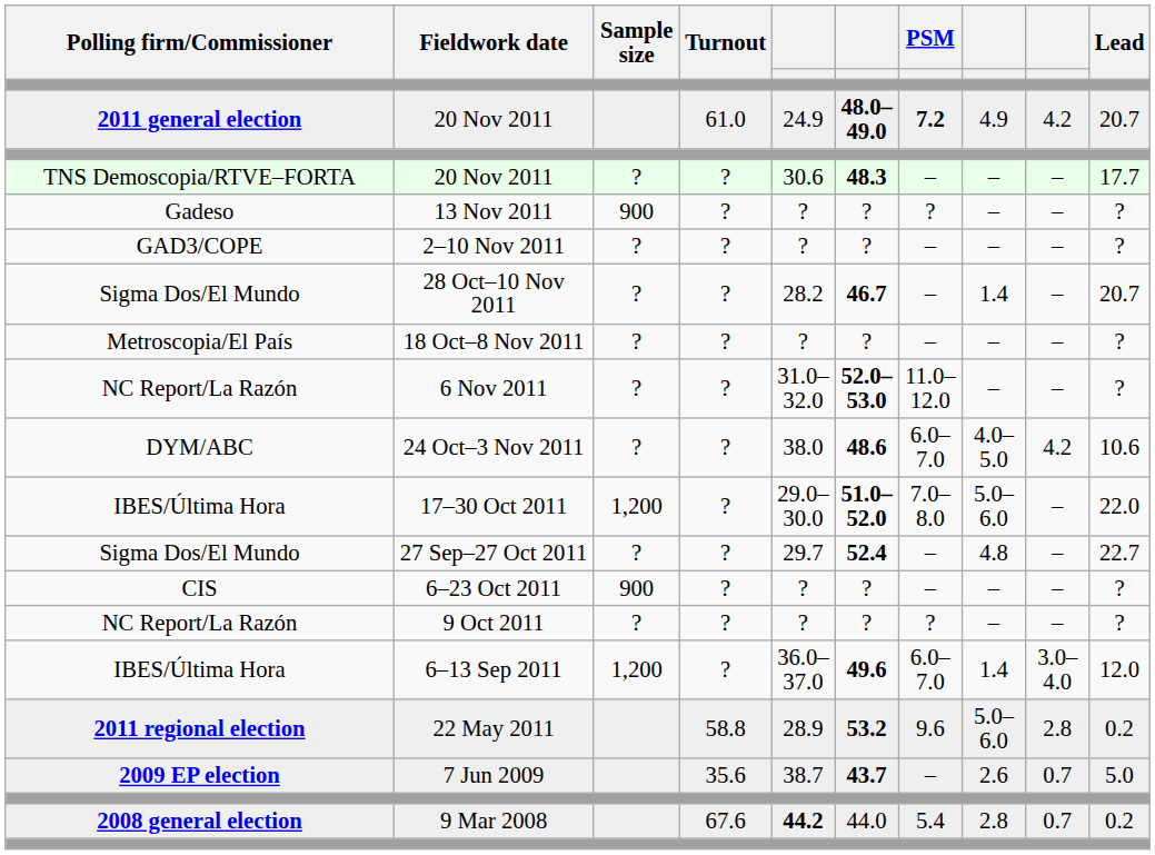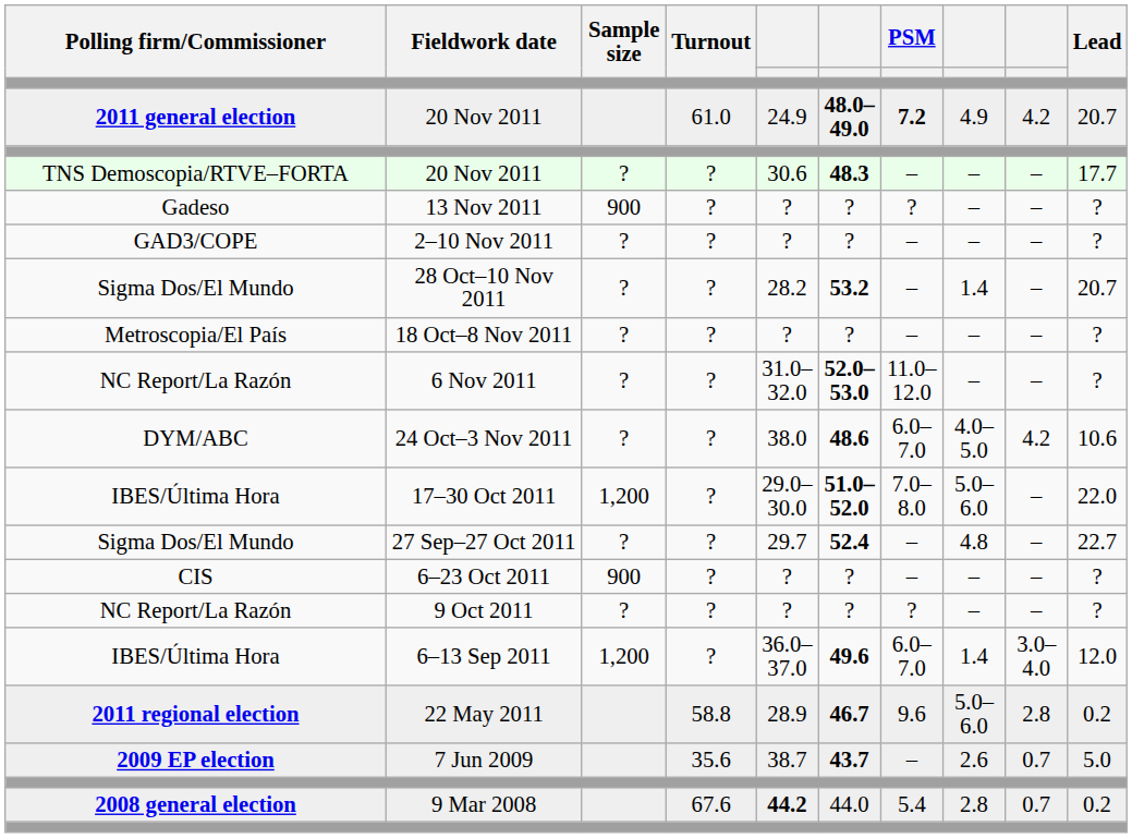 <table class="wikitable collapsible collapsed" style="text-align:center; font-size:95%; line-height:16px;">
 <tr style="height:42px;">
 <th style="width:250px;" rowspan="2">Polling firm/Commissioner</th>
 <th style="width:125px;" rowspan="2">Fieldwork date</th>
 <th style="width:50px;" rowspan="2">Sample size</th>
 <th style="width:45px;" rowspan="2">Turnout</th>
 <th style="width:35px;"></th>
 <th style="width:35px;"></th>
 <th style="width:35px;"><a href='#'>PSM</a></th>
 <th style="width:35px;"></th>
 <th style="width:35px;"></th>
 <th style="width:30px;" rowspan="2">Lead</th>
 </tr>
 <tr>
 <th style="color:inherit;background:"></th>
 <th style="color:inherit;background:"></th>
 <th style="color:inherit;background:"></th>
 <th style="color:inherit;background:"></th>
 <th style="color:inherit;background:"></th>
 </tr>
 <tr>
 <td colspan="10" style="background:#A0A0A0"></td>
 </tr>
 <tr style="background:#EFEFEF;">
 <td><strong><a href='#'>2011 general election</a></strong></td>
 <td>20 Nov 2011</td>
 <td></td>
 <td>61.0</td>
 <td>24.9<br></td>
 <td><strong>48.0–<br>49.0</strong><br></td>
 <td><strong>7.2<br></strong></td>
 <td>4.9<br></td>
 <td>4.2<br></td>
 <td style="background:">20.7</td>
 </tr>
 <tr>
 <td colspan="10" style="background:#A0A0A0"></td>
 </tr>
 <tr style="background:#EAFFEA;">
 <td>TNS Demoscopia/RTVE–FORTA</td>
 <td>20 Nov 2011</td>
 <td>?</td>
 <td>?</td>
 <td>30.6<br></td>
 <td><strong>48.3</strong><br></td>
 <td>–</td>
 <td>–</td>
 <td>–</td>
 <td style="background:">17.7</td>
 </tr>
 <tr>
 <td>Gadeso</td>
 <td>13 Nov 2011</td>
 <td>900</td>
 <td>?</td>
 <td>?<br></td>
 <td>?<br></td>
 <td>?<br></td>
 <td>–</td>
 <td>–</td>
 <td style="background:">?</td>
 </tr>
 <tr>
 <td>GAD3/COPE</td>
 <td>2–10 Nov 2011</td>
 <td>?</td>
 <td>?</td>
 <td>?<br></td>
 <td>?<br></td>
 <td>–</td>
 <td>–</td>
 <td>–</td>
 <td style="background:">?</td>
 </tr>
 <tr>
 <td>Sigma Dos/El Mundo</td>
 <td>28 Oct–10 Nov 2011</td>
 <td>?</td>
 <td>?</td>
 <td>28.2<br></td>
-<td><strong>46.7</strong><br></td>
+<td><strong>53.2</strong><br></td>
 <td>–</td>
 <td>1.4<br></td>
 <td>–</td>
 <td style="background:">20.7</td>
 </tr>
 <tr>
 <td>Metroscopia/El País</td>
 <td>18 Oct–8 Nov 2011</td>
 <td>?</td>
 <td>?</td>
 <td>?<br></td>
 <td>?<br></td>
 <td>–</td>
 <td>–</td>
 <td>–</td>
 <td style="background:">?</td>
 </tr>
 <tr>
 <td>NC Report/La Razón</td>
 <td>6 Nov 2011</td>
 <td>?</td>
 <td>?</td>
 <td>31.0–<br>32.0<br></td>
 <td><strong>52.0–<br>53.0</strong><br></td>
 <td>11.0–<br>12.0<br></td>
 <td>–</td>
 <td>–</td>
 <td style="background:">?</td>
 </tr>
 <tr>
 <td>DYM/ABC</td>
 <td>24 Oct–3 Nov 2011</td>
 <td>?</td>
 <td>?</td>
 <td>38.0<br></td>
 <td><strong>48.6</strong><br></td>
 <td>6.0–<br>7.0<br></td>
 <td>4.0–<br>5.0<br></td>
 <td>4.2<br></td>
 <td style="background:">10.6</td>
 </tr>
 <tr>
 <td>IBES/Última Hora</td>
 <td>17–30 Oct 2011</td>
 <td>1,200</td>
 <td>?</td>
 <td>29.0–<br>30.0<br></td>
 <td><strong>51.0–<br>52.0</strong><br></td>
 <td>7.0–<br>8.0<br></td>
 <td>5.0–<br>6.0<br></td>
 <td>–</td>
 <td style="background:">22.0</td>
 </tr>
 <tr>
 <td>Sigma Dos/El Mundo</td>
 <td>27 Sep–27 Oct 2011</td>
 <td>?</td>
 <td>?</td>
 <td>29.7<br></td>
 <td><strong>52.4</strong><br></td>
 <td>–</td>
 <td>4.8<br></td>
 <td>–</td>
 <td style="background:">22.7</td>
 </tr>
 <tr>
 <td>CIS</td>
 <td>6–23 Oct 2011</td>
 <td>900</td>
 <td>?</td>
 <td>?<br></td>
 <td>?<br></td>
 <td>–</td>
 <td>–</td>
 <td>–</td>
 <td style="background:">?</td>
 </tr>
 <tr>
 <td>NC Report/La Razón</td>
 <td>9 Oct 2011</td>
 <td>?</td>
 <td>?</td>
 <td>?<br></td>
 <td>?<br></td>
 <td>?<br></td>
 <td>–</td>
 <td>–</td>
 <td style="background:">?</td>
 </tr>
 <tr>
 <td>IBES/Última Hora</td>
 <td>6–13 Sep 2011</td>
 <td>1,200</td>
 <td>?</td>
 <td>36.0–<br>37.0<br></td>
 <td><strong>49.6</strong><br></td>
 <td>6.0–<br>7.0<br></td>
 <td>1.4<br></td>
 <td>3.0–<br>4.0<br></td>
 <td style="background:">12.0</td>
 </tr>
 <tr style="background:#EFEFEF;">
 <td><strong><a href='#'>2011 regional election</a></strong></td>
 <td>22 May 2011</td>
 <td></td>
 <td>58.8</td>
 <td>28.9<br></td>
-<td><strong>53.2</strong><br></td>
+<td><strong>46.7</strong><br></td>
 <td>9.6<br></td>
 <td>5.0–<br>6.0<br></td>
 <td>2.8<br></td>
 <td style="background:">0.2</td>
 </tr>
 <tr style="background:#EFEFEF;">
 <td><strong><a href='#'>2009 EP election</a></strong></td>
 <td>7 Jun 2009</td>
 <td></td>
 <td>35.6</td>
 <td>38.7<br></td>
 <td><strong>43.7</strong><br></td>
 <td>–</td>
 <td>2.6<br></td>
 <td>0.7<br></td>
 <td style="background:">5.0</td>
 </tr>
 <tr>
 <td colspan="10" style="background:#A0A0A0"></td>
 </tr>
 <tr style="background:#EFEFEF;">
 <td><strong><a href='#'>2008 general election</a></strong></td>
 <td>9 Mar 2008</td>
 <td></td>
 <td>67.6</td>
 <td><strong>44.2</strong><br></td>
 <td>44.0<br></td>
 <td>5.4<br></td>
 <td>2.8<br></td>
 <td>0.7<br></td>
 <td style="background:">0.2</td>
 </tr>
 <tr>
 <td colspan="10" style="background:#A0A0A0"></td>
 </tr>
 </table>
